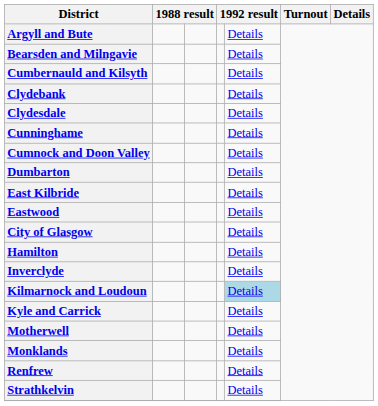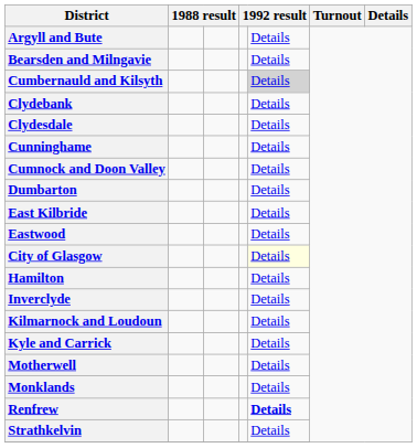 <table class="wikitable">
 <tr>
 <th scope="col">District</th>
 <th scope="col"  colspan="2">1988 result</th>
 <th scope="col" colspan="2">1992 result</th>
 <th scope="col">Turnout</th>
 <th scope="col">Details</th>
 </tr>
 <tr>
 <th scope="row" style="text-align: left;"><a href='#'>Argyll and Bute</a></th>
 <td></td>
 <td></td>
 <td></td>
 <td><a href='#'>Details</a></td>
 </tr>
 <tr>
 <th scope="row" style="text-align: left;"><a href='#'>Bearsden and Milngavie</a></th>
 <td></td>
 <td></td>
 <td></td>
 <td><a href='#'>Details</a></td>
 </tr>
 <tr>
 <th scope="row" style="text-align: left;"><a href='#'>Cumbernauld and Kilsyth</a></th>
 <td></td>
 <td></td>
 <td></td>
-<td><a href='#'>Details</a></td>
+<td style="background: lightgrey;"><a href='#'>Details</a></td>
 </tr>
 <tr>
 <th scope="row" style="text-align: left;"><a href='#'>Clydebank</a></th>
 <td></td>
 <td></td>
 <td></td>
 <td><a href='#'>Details</a></td>
 </tr>
 <tr>
 <th scope="row" style="text-align: left;"><a href='#'>Clydesdale</a></th>
 <td></td>
 <td></td>
 <td></td>
 <td><a href='#'>Details</a></td>
 </tr>
 <tr>
 <th scope="row" style="text-align: left;"><a href='#'>Cunninghame</a></th>
 <td></td>
 <td></td>
 <td></td>
 <td><a href='#'>Details</a></td>
 </tr>
 <tr>
 <th scope="row" style="text-align: left;"><a href='#'>Cumnock and Doon Valley</a></th>
 <td></td>
 <td></td>
 <td></td>
 <td><a href='#'>Details</a></td>
 </tr>
 <tr>
 <th scope="row" style="text-align: left;"><a href='#'>Dumbarton</a></th>
 <td></td>
 <td></td>
 <td></td>
 <td><a href='#'>Details</a></td>
 </tr>
 <tr>
 <th scope="row" style="text-align: left;"><a href='#'>East Kilbride</a></th>
 <td></td>
 <td></td>
 <td></td>
 <td><a href='#'>Details</a></td>
 </tr>
 <tr>
 <th scope="row" style="text-align: left;"><a href='#'>Eastwood</a></th>
 <td></td>
 <td></td>
 <td></td>
 <td><a href='#'>Details</a></td>
 </tr>
 <tr>
 <th scope="row" style="text-align: left;"><a href='#'>City of Glasgow</a></th>
 <td></td>
 <td></td>
 <td></td>
-<td><a href='#'>Details</a></td>
+<td style="background: lightyellow;"><a href='#'>Details</a></td>
 </tr>
 <tr>
 <th scope="row" style="text-align: left;"><a href='#'>Hamilton</a></th>
 <td></td>
 <td></td>
 <td></td>
 <td><a href='#'>Details</a></td>
 </tr>
 <tr>
 <th scope="row" style="text-align: left;"><a href='#'>Inverclyde</a></th>
 <td></td>
 <td></td>
 <td></td>
 <td><a href='#'>Details</a></td>
 </tr>
 <tr>
 <th scope="row" style="text-align: left;"><a href='#'>Kilmarnock and Loudoun</a></th>
 <td></td>
 <td></td>
 <td></td>
-<td style="background: lightblue;"><a href='#'>Details</a></td>
+<td><a href='#'>Details</a></td>
 </tr>
 <tr>
 <th scope="row" style="text-align: left;"><a href='#'>Kyle and Carrick</a></th>
 <td></td>
 <td></td>
 <td></td>
 <td><a href='#'>Details</a></td>
 </tr>
 <tr>
 <th scope="row" style="text-align: left;"><a href='#'>Motherwell</a></th>
 <td></td>
 <td></td>
 <td></td>
 <td><a href='#'>Details</a></td>
 </tr>
 <tr>
 <th scope="row" style="text-align: left;"><a href='#'>Monklands</a></th>
 <td></td>
 <td></td>
 <td></td>
 <td><a href='#'>Details</a></td>
 </tr>
 <tr>
 <th scope="row" style="text-align: left;"><a href='#'>Renfrew</a></th>
 <td></td>
 <td></td>
 <td></td>
-<td><a href='#'>Details</a></td>
+<td><strong><a href='#'>Details</a></strong></td>
 </tr>
 <tr>
 <th scope="row" style="text-align: left;"><a href='#'>Strathkelvin</a></th>
 <td></td>
 <td></td>
 <td></td>
 <td><a href='#'>Details</a></td>
 </tr>
 <tr>
 </tr>
 </table>
